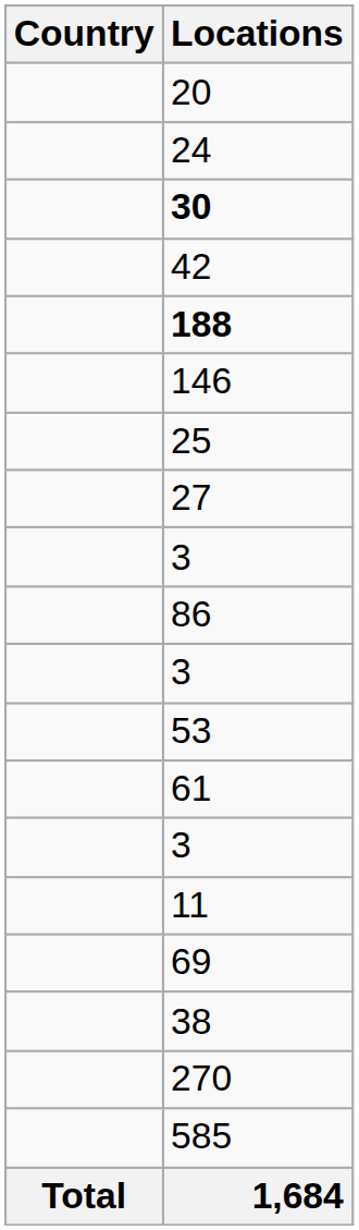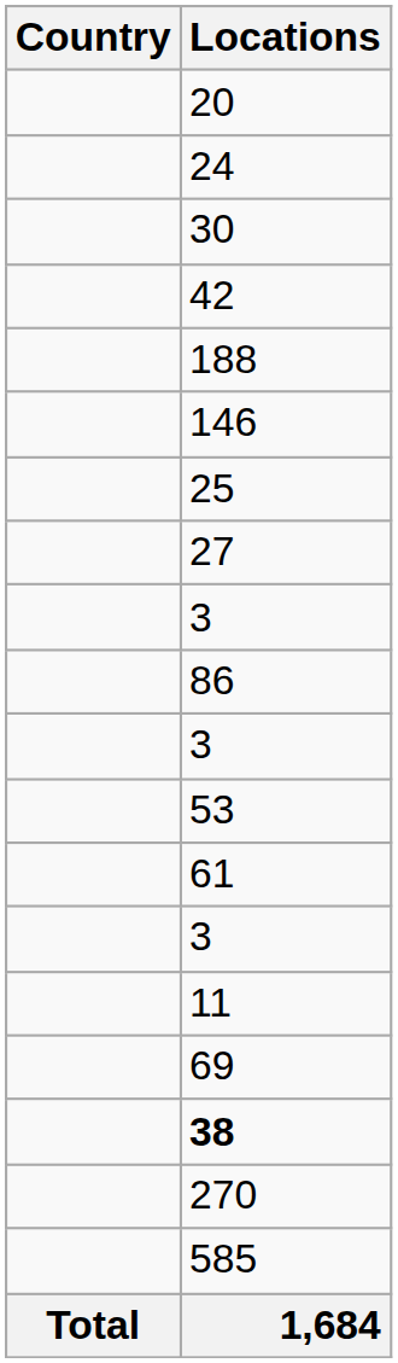 <table class="wikitable sortable col2right">
 <tr>
 <th>Country</th>
 <th>Locations</th>
 </tr>
 <tr>
 <td></td>
 <td>20</td>
 </tr>
 <tr>
 <td></td>
 <td>24</td>
 </tr>
 <tr>
 <td></td>
-<td><strong>30</strong></td>
+<td>30</td>
 </tr>
 <tr>
 <td></td>
 <td>42</td>
 </tr>
 <tr>
 <td></td>
-<td><strong>188</strong></td>
+<td>188</td>
 </tr>
 <tr>
 <td></td>
 <td>146</td>
 </tr>
 <tr>
 <td></td>
 <td>25</td>
 </tr>
 <tr>
 <td></td>
 <td>27</td>
 </tr>
 <tr>
 <td></td>
 <td>3</td>
 </tr>
 <tr>
 <td></td>
 <td>86</td>
 </tr>
 <tr>
 <td></td>
 <td>3</td>
 </tr>
 <tr>
 <td></td>
 <td>53</td>
 </tr>
 <tr>
 <td></td>
 <td>61</td>
 </tr>
 <tr>
 <td></td>
 <td>3</td>
 </tr>
 <tr>
 <td></td>
 <td>11</td>
 </tr>
 <tr>
 <td></td>
 <td>69</td>
 </tr>
 <tr>
 <td></td>
-<td>38</td>
+<td><strong>38</strong></td>
 </tr>
 <tr>
 <td></td>
 <td>270</td>
 </tr>
 <tr>
 <td></td>
 <td>585</td>
 </tr>
 <tr>
 <th>Total</th>
 <th style="text-align: right;">1,684</th>
 </tr>
 </table>
